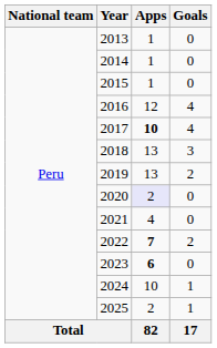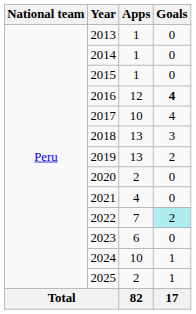 <table class="wikitable" style="text-align:center">
 <tr>
 <th>National team</th>
 <th>Year</th>
 <th>Apps</th>
 <th>Goals</th>
 </tr>
 <tr>
 <td rowspan=13><a href='#'>Peru</a></td>
 <td>2013</td>
 <td>1</td>
 <td>0</td>
 </tr>
 <tr>
 <td>2014</td>
 <td>1</td>
 <td>0</td>
 </tr>
 <tr>
 <td>2015</td>
 <td>1</td>
 <td>0</td>
 </tr>
 <tr>
 <td>2016</td>
 <td>12</td>
-<td>4</td>
+<td><strong>4</strong></td>
 </tr>
 <tr>
 <td>2017</td>
-<td><strong>10</strong></td>
+<td>10</td>
 <td>4</td>
 </tr>
 <tr>
 <td>2018</td>
 <td>13</td>
 <td>3</td>
 </tr>
 <tr>
 <td>2019</td>
 <td>13</td>
 <td>2</td>
 </tr>
 <tr>
 <td>2020</td>
-<td style="background: lavender;">2</td>
+<td>2</td>
 <td>0</td>
 </tr>
 <tr>
 <td>2021</td>
 <td>4</td>
 <td>0</td>
 </tr>
 <tr>
 <td>2022</td>
-<td><strong>7</strong></td>
-<td>2</td>
+<td>7</td>
+<td style="background: paleturquoise;">2</td>
 </tr>
 <tr>
 <td>2023</td>
-<td><strong>6</strong></td>
+<td>6</td>
 <td>0</td>
 </tr>
 <tr>
 <td>2024</td>
 <td>10</td>
 <td>1</td>
 </tr>
 <tr>
 <td>2025</td>
 <td>2</td>
 <td>1</td>
 </tr>
 <tr>
 <th colspan=2>Total</th>
 <th>82</th>
 <th>17</th>
 </tr>
 </table>
